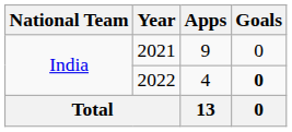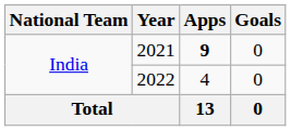 <table class="wikitable" style="text-align: center;">
 <tr>
 <th>National Team</th>
 <th>Year</th>
 <th>Apps</th>
 <th>Goals</th>
 </tr>
 <tr>
 <td rowspan="2"><a href='#'>India</a></td>
 <td>2021</td>
-<td>9</td>
+<td><strong>9</strong></td>
 <td>0</td>
 </tr>
 <tr>
 <td>2022</td>
 <td>4</td>
-<td><strong>0</strong></td>
+<td>0</td>
 </tr>
 <tr>
 <th colspan="2">Total</th>
 <th>13</th>
 <th>0</th>
 </tr>
 </table>
